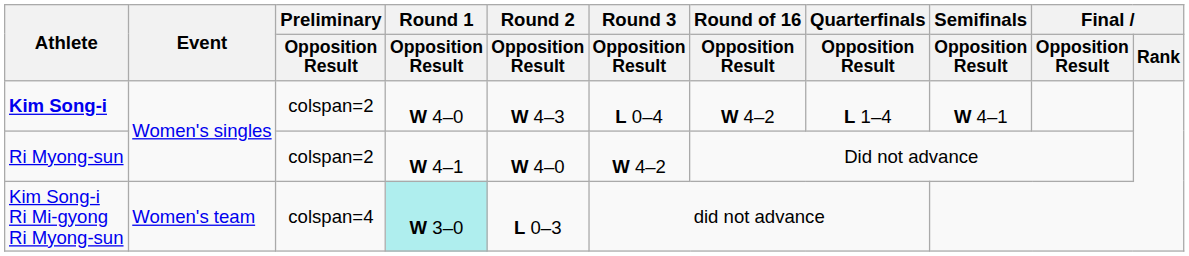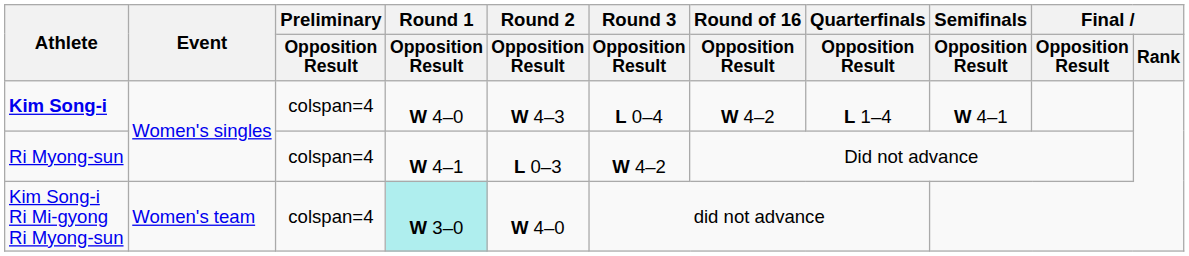 <table class="wikitable" style="font-size:90%;">
 <tr>
 <th rowspan=2>Athlete</th>
 <th rowspan=2>Event</th>
 <th>Preliminary</th>
 <th>Round 1</th>
 <th>Round 2</th>
 <th>Round 3</th>
 <th>Round of 16</th>
 <th>Quarterfinals</th>
 <th>Semifinals</th>
 <th colspan=2>Final / </th>
 </tr>
 <tr style="font-size:95%">
 <th>Opposition<br>Result</th>
 <th>Opposition<br>Result</th>
 <th>Opposition<br>Result</th>
 <th>Opposition<br>Result</th>
 <th>Opposition<br>Result</th>
 <th>Opposition<br>Result</th>
 <th>Opposition<br>Result</th>
 <th>Opposition<br>Result</th>
 <th>Rank</th>
 </tr>
 <tr align=center>
 <td align=left><strong><a href='#'>Kim Song-i</a></strong></td>
 <td align=left rowspan=2><a href='#'>Women's singles</a></td>
-<td>colspan=2 </td>
+<td>colspan=4 </td>
 <td><br><strong>W</strong> 4–0</td>
 <td><br><strong>W</strong> 4–3</td>
 <td><br><strong>L</strong> 0–4</td>
 <td><br><strong>W</strong> 4–2</td>
 <td><br><strong>L</strong> 1–4</td>
 <td><br><strong>W</strong> 4–1</td>
 <td></td>
 </tr>
 <tr align=center>
 <td align=left><a href='#'>Ri Myong-sun</a></td>
-<td>colspan=2 </td>
+<td>colspan=4 </td>
 <td><br><strong>W</strong> 4–1</td>
-<td><br><strong>W</strong> 4–0</td>
+<td><br><strong>L</strong> 0–3</td>
 <td><br><strong>W</strong> 4–2</td>
 <td colspan=4>Did not advance</td>
 </tr>
 <tr align=center>
 <td align=left><a href='#'>Kim Song-i</a><br><a href='#'>Ri Mi-gyong</a><br><a href='#'>Ri Myong-sun</a></td>
 <td align=left><a href='#'>Women's team</a></td>
 <td>colspan=4 </td>
 <td style="background: paleturquoise;"><br><strong>W</strong> 3–0</td>
-<td><br><strong>L</strong> 0–3</td>
+<td><br><strong>W</strong> 4–0</td>
 <td colspan=3>did not advance</td>
 </tr>
 </table>
